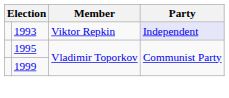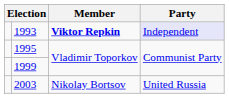 <table class="wikitable">
 <tr>
 <th colspan="2">Election</th>
 <th>Member</th>
 <th>Party</th>
 </tr>
 <tr>
 <td style="background-color:"></td>
 <td><a href='#'>1993</a></td>
-<td><a href='#'>Viktor Repkin</a></td>
+<td><strong><a href='#'>Viktor Repkin</a></strong></td>
 <td style="background: lavender;"><a href='#'>Independent</a></td>
 </tr>
 <tr>
 <td style="background-color:"></td>
 <td><a href='#'>1995</a></td>
 <td rowspan=2><a href='#'>Vladimir Toporkov</a></td>
 <td rowspan=2><a href='#'>Communist Party</a></td>
 </tr>
 <tr>
 <td style="background-color:"></td>
 <td><a href='#'>1999</a></td>
 </tr>
+<tr>
+<td style="background-color:"></td>
+<td><a href='#'>2003</a></td>
+<td><a href='#'>Nikolay Bortsov</a></td>
+<td><a href='#'>United Russia</a></td>
+</tr>
 </table>
